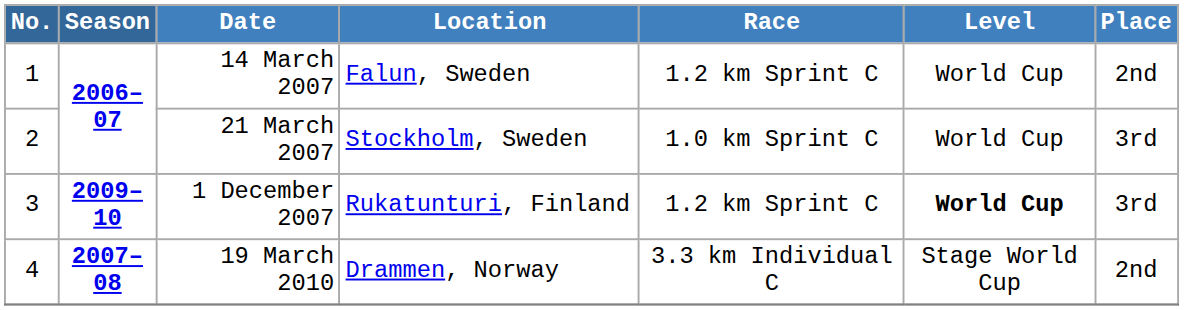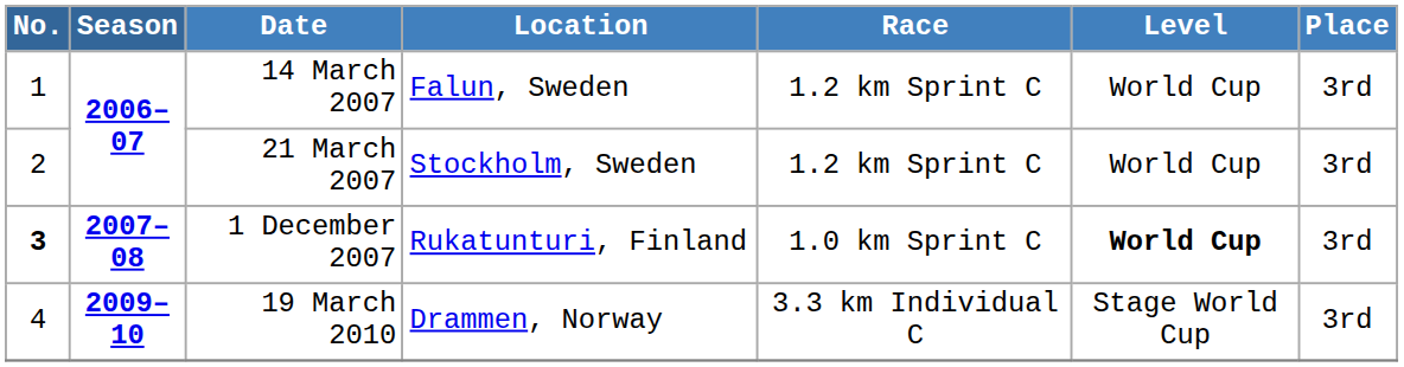 <table class="wikitable sortable" style="font-size:95%; text-align:center; border:grey solid 1px; border-collapse:collapse; background:#ffffff;">
 <tr style="background:#efefef;">
 <th style="background-color:#369; color:white;">No.</th>
 <th style="background-color:#369; color:white;">Season</th>
 <th style="background-color:#4180be; color:white; width:110px;">Date</th>
 <th style="background-color:#4180be; color:white; width:190px;">Location</th>
 <th style="background-color:#4180be; color:white; width:170px;">Race</th>
 <th style="background-color:#4180be; color:white; width:130px;">Level</th>
 <th style="background-color:#4180be; color:white;">Place</th>
 </tr>
 <tr>
 <td align=center>1</td>
 <td rowspan=2 align=center><strong><a href='#'>2006–07</a></strong></td>
 <td align=right>14 March 2007</td>
 <td align=left> <a href='#'>Falun</a>, Sweden</td>
 <td>1.2 km Sprint C</td>
 <td>World Cup</td>
-<td>2nd</td>
+<td>3rd</td>
 </tr>
 <tr>
 <td align=center>2</td>
 <td align=right>21 March 2007</td>
 <td align=left> <a href='#'>Stockholm</a>, Sweden</td>
-<td>1.0 km Sprint C</td>
+<td>1.2 km Sprint C</td>
 <td>World Cup</td>
 <td>3rd</td>
 </tr>
 <tr>
-<td align=center>3</td>
-<td rowspan=1 align=center><strong><a href='#'>2009–10</a></strong></td>
+<td align=center><strong>3</strong></td>
+<td rowspan=1 align=center><strong><a href='#'>2007–08</a></strong></td>
 <td align=right>1 December 2007</td>
 <td align=left> <a href='#'>Rukatunturi</a>, Finland</td>
-<td>1.2 km Sprint C</td>
+<td>1.0 km Sprint C</td>
 <td><strong>World Cup</strong></td>
 <td>3rd</td>
 </tr>
 <tr>
 <td align=center>4</td>
-<td rowspan=1 align=center><strong><a href='#'>2007–08</a></strong></td>
+<td rowspan=1 align=center><strong><a href='#'>2009–10</a></strong></td>
 <td align=right>19 March 2010</td>
 <td align=left> <a href='#'>Drammen</a>, Norway</td>
 <td>3.3 km Individual C</td>
 <td>Stage World Cup</td>
-<td>2nd</td>
+<td>3rd</td>
 </tr>
 <tr>
 </tr>
 </table>
